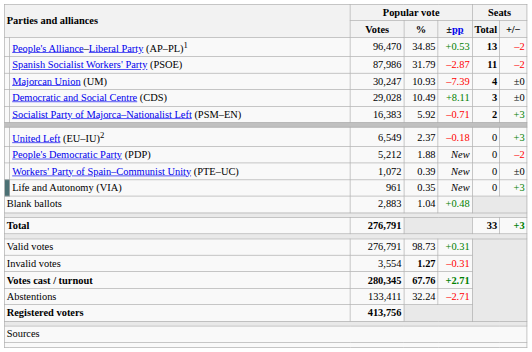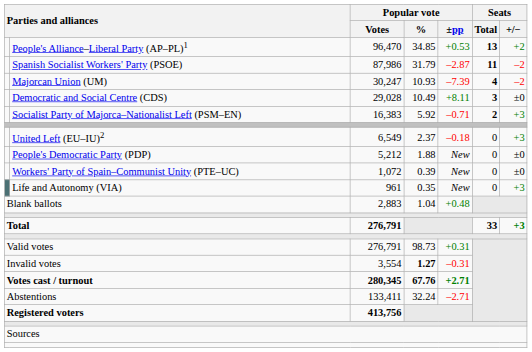 <table class="wikitable" style="text-align:right;">
 <tr>
 <th style="text-align:left;" rowspan="2" colspan="2" width="525">Parties and alliances</th>
 <th colspan="3">Popular vote</th>
 <th colspan="2">Seats</th>
 </tr>
 <tr>
 <th width="75">Votes</th>
 <th width="45">%</th>
 <th width="45">±<a href='#'>pp</a></th>
 <th width="35">Total</th>
 <th width="35">+/−</th>
 </tr>
 <tr>
 <td width="1" style="color:inherit;background:"></td>
 <td align="left"><a href='#'>People's Alliance</a>–<a href='#'>Liberal Party</a> (AP–PL)<sup>1</sup></td>
 <td>96,470</td>
 <td>34.85</td>
 <td style="color:green;">+0.53</td>
 <td><strong>13</strong></td>
-<td style="color:red;">–2</td>
+<td style="color:green;">+2</td>
 </tr>
 <tr>
 <td style="color:inherit;background:"></td>
 <td align="left"><a href='#'>Spanish Socialist Workers' Party</a> (PSOE)</td>
 <td>87,986</td>
 <td>31.79</td>
 <td style="color:red;">–2.87</td>
 <td><strong>11</strong></td>
 <td style="color:red;">–2</td>
 </tr>
 <tr>
 <td style="color:inherit;background:"></td>
 <td align="left"><a href='#'>Majorcan Union</a> (UM)</td>
 <td>30,247</td>
 <td>10.93</td>
 <td style="color:red;">–7.39</td>
 <td><strong>4</strong></td>
-<td>±0</td>
+<td style="color:red;">–2</td>
 </tr>
 <tr>
 <td style="color:inherit;background:"></td>
 <td align="left"><a href='#'>Democratic and Social Centre</a> (CDS)</td>
 <td>29,028</td>
 <td>10.49</td>
 <td style="color:green;">+8.11</td>
 <td><strong>3</strong></td>
 <td>±0</td>
 </tr>
 <tr>
 <td style="color:inherit;background:"></td>
 <td align="left"><a href='#'>Socialist Party of Majorca–Nationalist Left</a> (PSM–EN)</td>
 <td>16,383</td>
 <td>5.92</td>
 <td style="color:red;">–0.71</td>
 <td><strong>2</strong></td>
 <td style="color:green;">+3</td>
 </tr>
 <tr>
 <td colspan="7" bgcolor="#C0C0C0"></td>
 </tr>
 <tr>
 <td style="color:inherit;background:"></td>
 <td align="left"><a href='#'>United Left</a> (EU–IU)<sup>2</sup></td>
 <td>6,549</td>
 <td>2.37</td>
 <td style="color:red;">–0.18</td>
 <td>0</td>
 <td style="color:green;">+3</td>
 </tr>
 <tr>
 <td style="color:inherit;background:"></td>
 <td align="left"><a href='#'>People's Democratic Party</a> (PDP)</td>
 <td>5,212</td>
 <td>1.88</td>
 <td><em>New</em></td>
 <td>0</td>
-<td style="color:red;">–2</td>
+<td>±0</td>
 </tr>
 <tr>
 <td style="color:inherit;background:"></td>
 <td align="left"><a href='#'>Workers' Party of Spain–Communist Unity</a> (PTE–UC)</td>
 <td>1,072</td>
 <td>0.39</td>
 <td><em>New</em></td>
 <td>0</td>
 <td>±0</td>
 </tr>
 <tr>
 <td bgcolor="#4B7074"></td>
 <td align="left">Life and Autonomy (VIA)</td>
 <td>961</td>
 <td>0.35</td>
 <td><em>New</em></td>
 <td>0</td>
 <td style="color:green;">+3</td>
 </tr>
 <tr>
 <td align="left" colspan="2">Blank ballots</td>
 <td>2,883</td>
 <td>1.04</td>
 <td style="color:green;">+0.48</td>
 <td bgcolor="#E9E9E9" colspan="2"></td>
 </tr>
 <tr>
 <td colspan="7" bgcolor="#E9E9E9"></td>
 </tr>
 <tr style="font-weight:bold;">
 <td align="left" colspan="2">Total</td>
 <td>276,791</td>
 <td bgcolor="#E9E9E9" colspan="2"></td>
 <td>33</td>
 <td style="color:green;">+3</td>
 </tr>
 <tr>
 <td colspan="7" bgcolor="#E9E9E9"></td>
 </tr>
 <tr>
 <td align="left" colspan="2">Valid votes</td>
 <td>276,791</td>
 <td>98.73</td>
 <td style="color:green;">+0.31</td>
 <td bgcolor="#E9E9E9" colspan="2" rowspan="5"></td>
 </tr>
 <tr>
 <td align="left" colspan="2">Invalid votes</td>
 <td>3,554</td>
 <td><strong>1.27</strong></td>
 <td style="color:red;">–0.31</td>
 </tr>
 <tr style="font-weight:bold;">
 <td align="left" colspan="2">Votes cast / turnout</td>
 <td>280,345</td>
 <td>67.76</td>
 <td style="color:green;">+2.71</td>
 </tr>
 <tr>
 <td align="left" colspan="2">Abstentions</td>
 <td>133,411</td>
 <td>32.24</td>
 <td style="color:red;">–2.71</td>
 </tr>
 <tr style="font-weight:bold;">
 <td align="left" colspan="2">Registered voters</td>
 <td>413,756</td>
 <td bgcolor="#E9E9E9" colspan="2"></td>
 </tr>
 <tr>
 <td colspan="7" bgcolor="#E9E9E9"></td>
 </tr>
 <tr>
 <td align="left" colspan="7">Sources</td>
 </tr>
 <tr>
 <td colspan="7" style="text-align:left; max-width:790px;"></td>
 </tr>
 </table>
